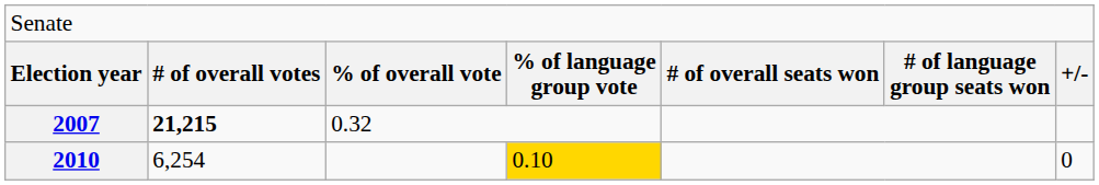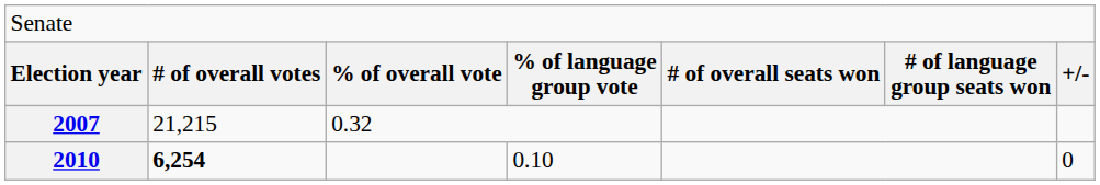 <table class=wikitable>
 <tr>
 <td colspan=7>Senate</td>
 </tr>
 <tr>
 <th>Election year</th>
 <th># of overall votes</th>
 <th>% of overall vote</th>
 <th>% of language<br>group vote</th>
 <th># of overall seats won</th>
 <th># of language<br>group seats won</th>
 <th>+/-</th>
 </tr>
 <tr>
 <th><a href='#'>2007</a></th>
-<td><strong>21,215</strong></td>
+<td>21,215</td>
 <td colspan=2>0.32</td>
 <td colspan=2></td>
 <td></td>
 </tr>
 <tr>
 <th><a href='#'>2010</a></th>
-<td>6,254</td>
+<td><strong>6,254</strong></td>
 <td></td>
-<td style="background: gold;">0.10</td>
+<td>0.10</td>
 <td colspan=2></td>
 <td> 0</td>
 </tr>
 </table>
